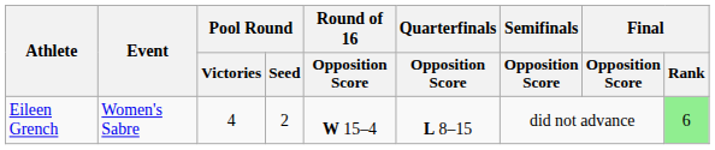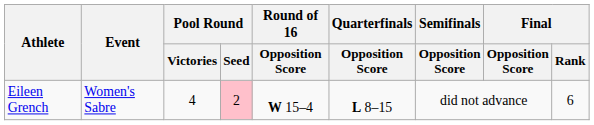 <table class=wikitable style="font-size:90%">
 <tr>
 <th rowspan="2">Athlete</th>
 <th rowspan="2">Event</th>
 <th colspan=2>Pool Round</th>
 <th>Round of 16</th>
 <th>Quarterfinals</th>
 <th>Semifinals</th>
 <th colspan=2>Final</th>
 </tr>
 <tr style="font-size:95%">
 <th>Victories</th>
 <th>Seed</th>
 <th>Opposition<br>Score</th>
 <th>Opposition<br>Score</th>
 <th>Opposition<br>Score</th>
 <th>Opposition<br>Score</th>
 <th>Rank</th>
 </tr>
 <tr align=center>
 <td align=left><a href='#'>Eileen Grench</a></td>
 <td align=left><a href='#'>Women's Sabre</a></td>
 <td>4</td>
-<td>2</td>
+<td style="background: pink;">2</td>
 <td><br><strong>W</strong> 15–4</td>
 <td><br><strong>L</strong> 8–15</td>
 <td colspan=2>did not advance</td>
-<td style="background: lightgreen;">6</td>
+<td>6</td>
 </tr>
 </table>
